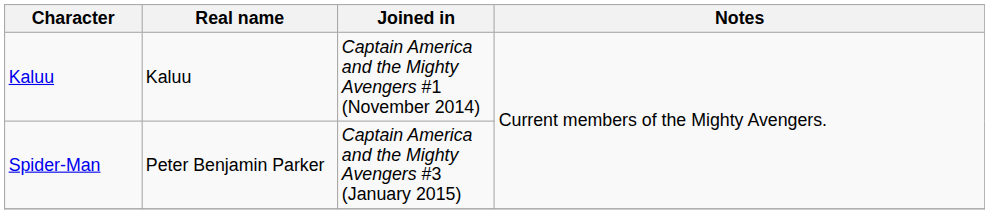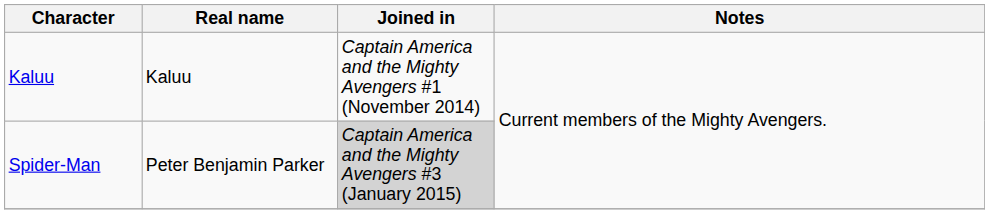 <table class="wikitable" style="width:100%;">
 <tr>
 <th width=14%>Character</th>
 <th width=20%>Real name</th>
 <th width=16%>Joined in</th>
 <th>Notes</th>
 </tr>
 <tr>
 <td><a href='#'>Kaluu</a></td>
 <td>Kaluu</td>
 <td><em>Captain America and the Mighty Avengers</em> #1 (November 2014)</td>
 <td rowspan="2">Current members of the Mighty Avengers.</td>
 </tr>
 <tr>
 <td><a href='#'>Spider-Man</a></td>
 <td>Peter Benjamin Parker</td>
-<td><em>Captain America and the Mighty Avengers</em> #3 (January 2015)</td>
+<td style="background: lightgrey;"><em>Captain America and the Mighty Avengers</em> #3 (January 2015)</td>
 </tr>
 <tr>
 </tr>
 </table>
